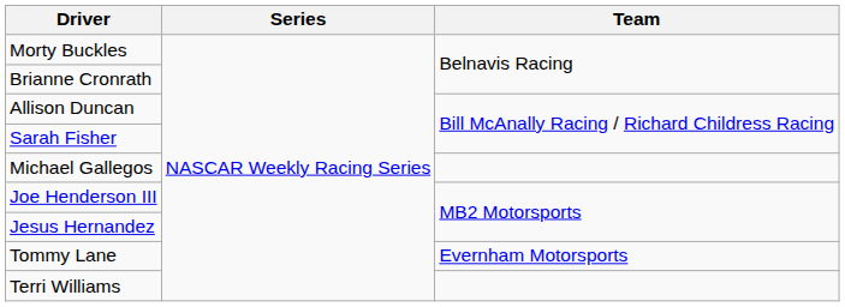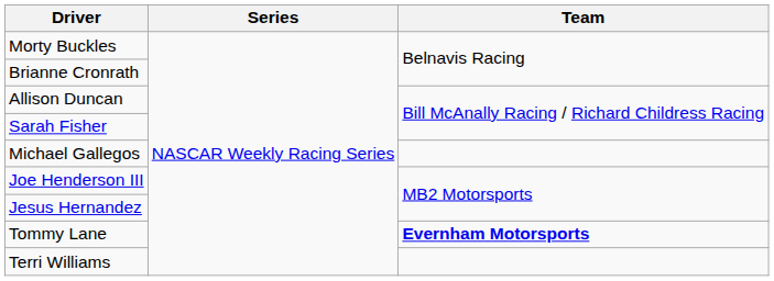 <table class="wikitable">
 <tr>
 <th>Driver</th>
 <th>Series</th>
 <th>Team</th>
 </tr>
 <tr>
 <td>Morty Buckles</td>
 <td rowspan="9"><a href='#'>NASCAR Weekly Racing Series</a></td>
 <td rowspan="2">Belnavis Racing</td>
 </tr>
 <tr>
 <td>Brianne Cronrath</td>
 </tr>
 <tr>
 <td>Allison Duncan</td>
 <td rowspan="2"><a href='#'>Bill McAnally Racing</a> / <a href='#'>Richard Childress Racing</a></td>
 </tr>
 <tr>
 <td><a href='#'>Sarah Fisher</a></td>
 </tr>
 <tr>
 <td>Michael Gallegos</td>
 <td></td>
 </tr>
 <tr>
 <td><a href='#'>Joe Henderson III</a></td>
 <td rowspan="2"><a href='#'>MB2 Motorsports</a></td>
 </tr>
 <tr>
 <td><a href='#'>Jesus Hernandez</a></td>
 </tr>
 <tr>
 <td>Tommy Lane</td>
-<td><a href='#'>Evernham Motorsports</a></td>
+<td><strong><a href='#'>Evernham Motorsports</a></strong></td>
 </tr>
 <tr>
 <td>Terri Williams</td>
 <td></td>
 </tr>
 </table>
